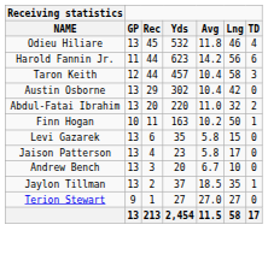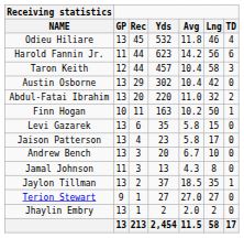 <table class="wikitable sortable" style="text-align:center;">
 <tr>
 <th style="text-align:center; ">Receiving statistics</th>
 </tr>
 <tr>
 <th>NAME</th>
 <th>GP</th>
 <th>Rec</th>
 <th>Yds</th>
 <th>Avg</th>
 <th>Lng</th>
 <th>TD</th>
 </tr>
 <tr>
 <td>Odieu Hiliare</td>
 <td>13</td>
 <td>45</td>
 <td>532</td>
 <td>11.8</td>
 <td>46</td>
 <td>4</td>
 </tr>
 <tr>
 <td>Harold Fannin Jr.</td>
 <td>11</td>
 <td>44</td>
 <td>623</td>
 <td>14.2</td>
 <td>56</td>
 <td>6</td>
 </tr>
 <tr>
 <td>Taron Keith</td>
 <td>12</td>
 <td>44</td>
 <td>457</td>
 <td>10.4</td>
 <td>58</td>
 <td>3</td>
 </tr>
 <tr>
 <td>Austin Osborne</td>
 <td>13</td>
 <td>29</td>
 <td>302</td>
 <td>10.4</td>
 <td>42</td>
 <td>0</td>
 </tr>
 <tr>
 <td>Abdul-Fatai Ibrahim</td>
 <td>13</td>
 <td>20</td>
 <td>220</td>
 <td>11.0</td>
 <td>32</td>
 <td>2</td>
 </tr>
 <tr>
 <td>Finn Hogan</td>
 <td>10</td>
 <td>11</td>
 <td>163</td>
 <td>10.2</td>
 <td>50</td>
 <td>1</td>
 </tr>
 <tr>
 <td>Levi Gazarek</td>
 <td>13</td>
 <td>6</td>
 <td>35</td>
 <td>5.8</td>
 <td>15</td>
 <td>0</td>
 </tr>
 <tr>
 <td>Jaison Patterson</td>
 <td>13</td>
 <td>4</td>
 <td>23</td>
 <td>5.8</td>
 <td>17</td>
 <td>0</td>
 </tr>
 <tr>
 <td>Andrew Bench</td>
 <td>13</td>
 <td>3</td>
 <td>20</td>
 <td>6.7</td>
 <td>10</td>
 <td>0</td>
 </tr>
 <tr>
+<td>Jamal Johnson</td>
+<td>11</td>
+<td>3</td>
+<td>13</td>
+<td>4.3</td>
+<td>8</td>
+<td>0</td>
+</tr>
+<tr>
 <td>Jaylon Tillman</td>
 <td>13</td>
 <td>2</td>
 <td>37</td>
 <td>18.5</td>
 <td>35</td>
 <td>1</td>
 </tr>
 <tr>
 <td><a href='#'>Terion Stewart</a></td>
 <td>9</td>
 <td>1</td>
 <td>27</td>
 <td>27.0</td>
 <td>27</td>
 <td>0</td>
 </tr>
 <tr>
+<td>Jhaylin Embry</td>
+<td>13</td>
+<td>1</td>
+<td>2</td>
+<td>2.0</td>
+<td>2</td>
+<td>0</td>
+</tr>
+<tr>
 <th colspan="1"></th>
 <th>13</th>
 <th>213</th>
 <th>2,454</th>
 <th>11.5</th>
 <th>58</th>
 <th>17</th>
 </tr>
 </table>
